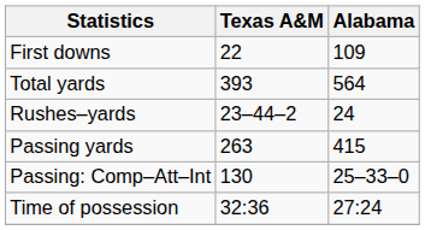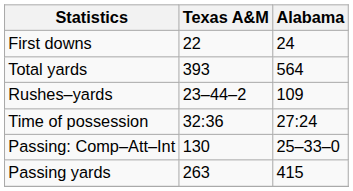 <table class="wikitable" style="float: left;">
 <tr>
 <th>Statistics</th>
 <th>Texas A&M</th>
 <th>Alabama</th>
 </tr>
 <tr>
 <td>First downs</td>
 <td>22</td>
-<td>109</td>
+<td>24</td>
 </tr>
 <tr>
 <td>Total yards</td>
 <td>393</td>
 <td>564</td>
 </tr>
 <tr>
 <td>Rushes–yards</td>
 <td>23–44–2</td>
-<td>24</td>
+<td>109</td>
+</tr>
+<tr>
+<td>Time of possession</td>
+<td>32:36</td>
+<td>27:24</td>
+</tr>
+<tr>
+<td>Passing: Comp–Att–Int</td>
+<td>130</td>
+<td>25–33–0</td>
 </tr>
 <tr>
 <td>Passing yards</td>
 <td>263</td>
 <td>415</td>
 </tr>
 <tr>
-<td>Passing: Comp–Att–Int</td>
-<td>130</td>
-<td>25–33–0</td>
-</tr>
-<tr>
-<td>Time of possession</td>
-<td>32:36</td>
-<td>27:24</td>
-</tr>
-<tr>
 </tr>
 </table>
